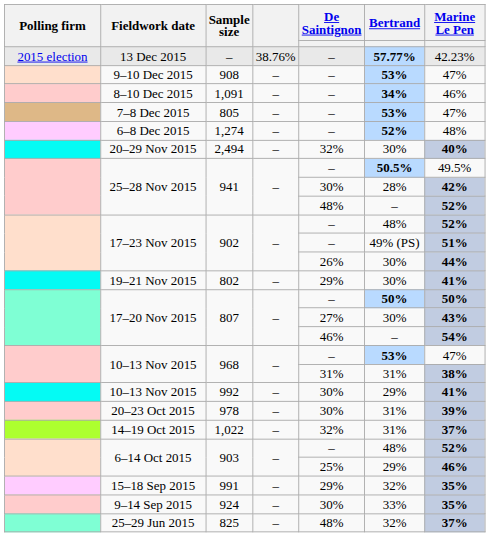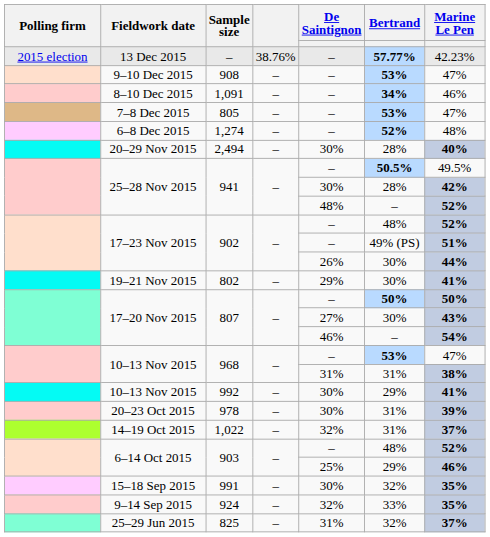 <table class="wikitable sortable" style="text-align:center;font-size:90%;line-height:14px;">
 <tr style="height:40px;">
 <th style="width:100px;" rowspan="2">Polling firm</th>
 <th style="width:110px;" rowspan="2">Fieldwork date</th>
 <th style="width:35px;" rowspan="2">Sample<br>size</th>
 <th style="width:30px;" rowspan="2"></th>
 <th class="unsortable" style="width:60px;"><a href='#'>De Saintignon</a><br></th>
 <th class="unsortable" style="width:60px;"><a href='#'>Bertrand</a><br></th>
 <th class="unsortable" style="width:60px;"><a href='#'>Marine Le Pen</a><br></th>
 </tr>
 <tr>
 <th style="background:"></th>
 <th style="background:"></th>
 <th style="background:"></th>
 </tr>
 <tr style="background:#E9E9E9;">
 <td><a href='#'>2015 election</a></td>
 <td data-sort-value="2015-12-13">13 Dec 2015</td>
 <td>–</td>
 <td>38.76%</td>
 <td>–</td>
 <td style="background:#B9DAFF;"><strong>57.77%</strong></td>
 <td>42.23%</td>
 </tr>
 <tr>
 <td style="background:#FFDFCC;"></td>
 <td data-sort-value="2015-12-10">9–10 Dec 2015</td>
 <td>908</td>
 <td>–</td>
 <td>–</td>
 <td style="background:#B9DAFF;"><strong>53%</strong></td>
 <td>47%</td>
 </tr>
 <tr>
 <td style="background:#FFCCCC;"></td>
 <td data-sort-value="2015-12-10">8–10 Dec 2015</td>
 <td>1,091</td>
 <td>–</td>
 <td>–</td>
 <td style="background:#B9DAFF;"><strong>34%</strong></td>
 <td>46%</td>
 </tr>
 <tr>
 <td style="background:burlywood;"></td>
 <td data-sort-value="2015-12-08">7–8 Dec 2015</td>
 <td>805</td>
 <td>–</td>
 <td>–</td>
 <td style="background:#B9DAFF;"><strong>53%</strong></td>
 <td>47%</td>
 </tr>
 <tr>
 <td style="background:#FFCCFF;"></td>
 <td data-sort-value="2015-12-08">6–8 Dec 2015</td>
 <td>1,274</td>
 <td>–</td>
 <td>–</td>
 <td style="background:#B9DAFF;"><strong>52%</strong></td>
 <td>48%</td>
 </tr>
 <tr>
 <td style="background:#04FBF4;"></td>
 <td data-sort-value="2015-11-29">20–29 Nov 2015</td>
 <td>2,494</td>
 <td>–</td>
-<td>32%</td>
 <td>30%</td>
+<td>28%</td>
 <td style="background:#C1CCE1;"><strong>40%</strong></td>
 </tr>
 <tr>
 <td rowspan="3" style="background:#FFCCCC;"></td>
 <td rowspan="3" data-sort-value="2015-11-28">25–28 Nov 2015</td>
 <td rowspan="3">941</td>
 <td rowspan="3">–</td>
 <td>–</td>
 <td style="background:#B9DAFF;"><strong>50.5%</strong></td>
 <td>49.5%</td>
 </tr>
 <tr>
 <td>30%</td>
 <td>28%</td>
 <td style="background:#C1CCE1;"><strong>42%</strong></td>
 </tr>
 <tr>
 <td>48%</td>
 <td>–</td>
 <td style="background:#C1CCE1;"><strong>52%</strong></td>
 </tr>
 <tr>
 <td rowspan="3" style="background:#FFDFCC;"></td>
 <td rowspan="3" data-sort-value="2015-11-23">17–23 Nov 2015</td>
 <td rowspan="3">902</td>
 <td rowspan="3">–</td>
 <td>–</td>
 <td>48%</td>
 <td style="background:#C1CCE1;"><strong>52%</strong></td>
 </tr>
 <tr>
 <td>–</td>
 <td>49% (PS)</td>
 <td style="background:#C1CCE1;"><strong>51%</strong></td>
 </tr>
 <tr>
 <td>26%</td>
 <td>30%</td>
 <td style="background:#C1CCE1;"><strong>44%</strong></td>
 </tr>
 <tr>
 <td style="background:#04FBF4;"></td>
 <td data-sort-value="2015-11-21">19–21 Nov 2015</td>
 <td>802</td>
 <td>–</td>
 <td>29%</td>
 <td>30%</td>
 <td style="background:#C1CCE1;"><strong>41%</strong></td>
 </tr>
 <tr>
 <td rowspan="3" style="background:aquamarine;"></td>
 <td rowspan="3" data-sort-value="2015-11-20">17–20 Nov 2015</td>
 <td rowspan="3">807</td>
 <td rowspan="3">–</td>
 <td>–</td>
 <td style="background:#B9DAFF;"><strong>50%</strong></td>
 <td style="background:#C1CCE1;"><strong>50%</strong></td>
 </tr>
 <tr>
 <td>27%</td>
 <td>30%</td>
 <td style="background:#C1CCE1;"><strong>43%</strong></td>
 </tr>
 <tr>
 <td>46%</td>
 <td>–</td>
 <td style="background:#C1CCE1;"><strong>54%</strong></td>
 </tr>
 <tr>
 <td rowspan="2" style="background:#FFCCCC;"></td>
 <td rowspan="2" data-sort-value="2015-11-13">10–13 Nov 2015</td>
 <td rowspan="2">968</td>
 <td rowspan="2">–</td>
 <td>–</td>
 <td style="background:#B9DAFF;"><strong>53%</strong></td>
 <td>47%</td>
 </tr>
 <tr>
 <td>31%</td>
 <td>31%</td>
 <td style="background:#C1CCE1;"><strong>38%</strong></td>
 </tr>
 <tr>
 <td style="background:#04FBF4;"></td>
 <td data-sort-value="2015-11-13">10–13 Nov 2015</td>
 <td>992</td>
 <td>–</td>
 <td>30%</td>
 <td>29%</td>
 <td style="background:#C1CCE1;"><strong>41%</strong></td>
 </tr>
 <tr>
 <td style="background:#FFCCCC;"></td>
 <td data-sort-value="2015-10-23">20–23 Oct 2015</td>
 <td>978</td>
 <td>–</td>
 <td>30%</td>
 <td>31%</td>
 <td style="background:#C1CCE1;"><strong>39%</strong></td>
 </tr>
 <tr>
 <td style="background:GreenYellow;"></td>
 <td data-sort-value="2015-10-19">14–19 Oct 2015</td>
 <td>1,022</td>
 <td>–</td>
 <td>32%</td>
 <td>31%</td>
 <td style="background:#C1CCE1;"><strong>37%</strong></td>
 </tr>
 <tr>
 <td rowspan="2" style="background:#FFDFCC;"></td>
 <td rowspan="2" data-sort-value="2015-10-14">6–14 Oct 2015</td>
 <td rowspan="2">903</td>
 <td rowspan="2">–</td>
 <td>–</td>
 <td>48%</td>
 <td style="background:#C1CCE1;"><strong>52%</strong></td>
 </tr>
 <tr>
 <td>25%</td>
 <td>29%</td>
 <td style="background:#C1CCE1;"><strong>46%</strong></td>
 </tr>
 <tr>
 <td style="background:#FFCCFF;"></td>
 <td data-sort-value="2015-09-18">15–18 Sep 2015</td>
 <td>991</td>
 <td>–</td>
-<td>29%</td>
+<td>30%</td>
 <td>32%</td>
 <td style="background:#C1CCE1;"><strong>35%</strong></td>
 </tr>
 <tr>
 <td style="background:#FFCCCC;"></td>
 <td data-sort-value="2015-09-14">9–14 Sep 2015</td>
 <td>924</td>
 <td>–</td>
-<td>30%</td>
+<td>32%</td>
 <td>33%</td>
 <td style="background:#C1CCE1;"><strong>35%</strong></td>
 </tr>
 <tr>
 <td style="background:aquamarine;"></td>
 <td data-sort-value="2015-06-29">25–29 Jun 2015</td>
 <td>825</td>
 <td>–</td>
-<td>48%</td>
+<td>31%</td>
 <td>32%</td>
 <td style="background:#C1CCE1;"><strong>37%</strong></td>
 </tr>
 </table>
